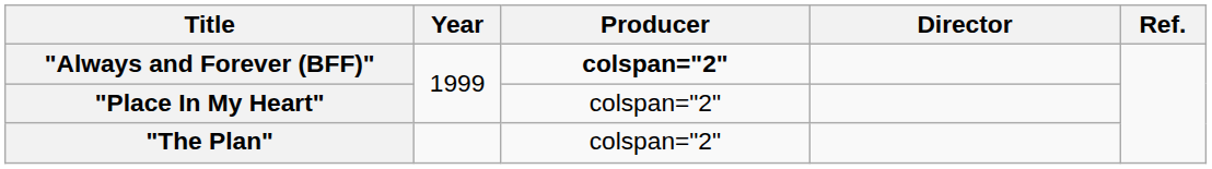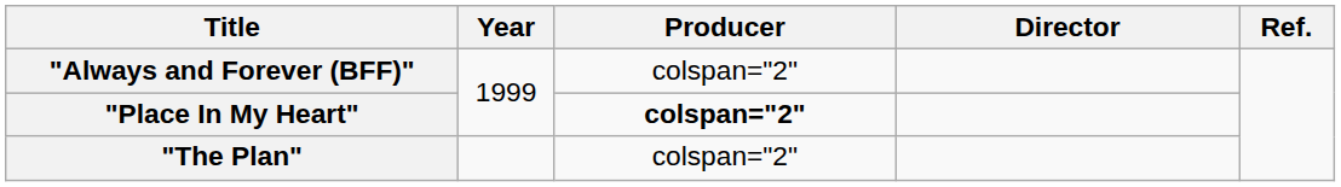 <table class="wikitable plainrowheaders" style="text-align:center;">
 <tr>
 <th scope="col" style="width:16em;">Title</th>
 <th scope="col" style="width:3em;">Year</th>
 <th scope="col" style="width:12em;">Producer</th>
 <th scope="col" style="width:12em;">Director</th>
 <th scope="col" style="width:3em;">Ref.</th>
 </tr>
 <tr>
 <th scope="row">"Always and Forever (BFF)"</th>
 <td rowspan="2">1999</td>
-<td><strong>colspan="2" </strong></td>
+<td>colspan="2" </td>
 <td></td>
 </tr>
 <tr>
 <th scope="row">"Place In My Heart"</th>
-<td>colspan="2" </td>
+<td><strong>colspan="2" </strong></td>
 <td></td>
 </tr>
 <tr>
 <th scope="row">"The Plan"</th>
 <td></td>
 <td>colspan="2" </td>
 <td></td>
 </tr>
 </table>
